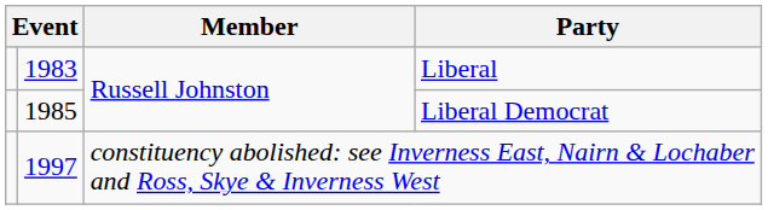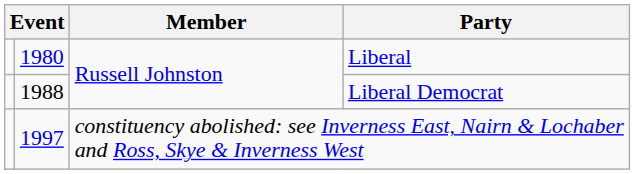 <table class="wikitable">
 <tr>
 <th colspan="2">Event</th>
 <th>Member</th>
 <th>Party</th>
 </tr>
 <tr>
 <td style="color:inherit;background-color: "></td>
-<td><a href='#'>1983</a></td>
+<td><a href='#'>1980</a></td>
 <td rowspan="2"><a href='#'>Russell Johnston</a></td>
 <td><a href='#'>Liberal</a></td>
 </tr>
 <tr>
 <td style="color:inherit;background-color: "></td>
-<td>1985</td>
+<td>1988</td>
 <td><a href='#'>Liberal Democrat</a></td>
 </tr>
 <tr>
 <td></td>
 <td><a href='#'>1997</a></td>
 <td colspan="2"><em>constituency abolished: see <a href='#'>Inverness East, Nairn & Lochaber</a> <br>and <a href='#'>Ross, Skye & Inverness West</a></em></td>
 </tr>
 </table>
